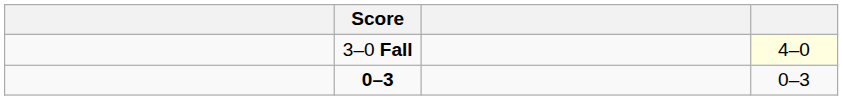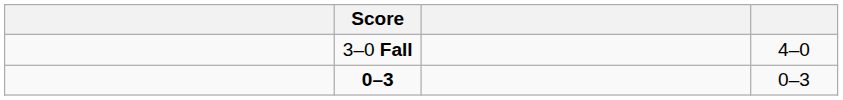 <table class="wikitable" style="text-align: center; ">
 <tr>
 <th align="right" width="270"></th>
 <th width="65">Score</th>
 <th align="left" width="270"></th>
 <th width="65"></th>
 </tr>
 <tr>
 <td align="left"><strong></strong></td>
 <td>3–0 <strong>Fall</strong></td>
 <td align="left"></td>
-<td style="background: lightyellow;">4–0 <strong></strong></td>
+<td>4–0 <strong></strong></td>
 </tr>
 <tr>
 <td align="left"></td>
 <td><strong>0–3</strong></td>
 <td align="left"><strong></strong></td>
 <td>0–3 <strong></strong></td>
 </tr>
 </table>
